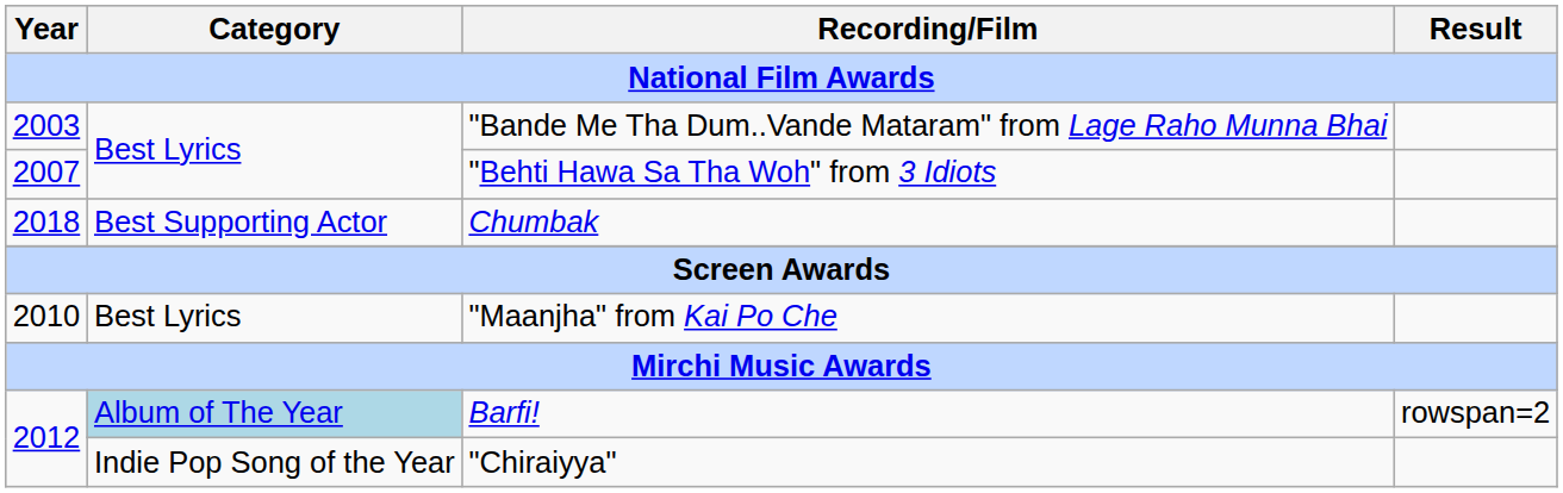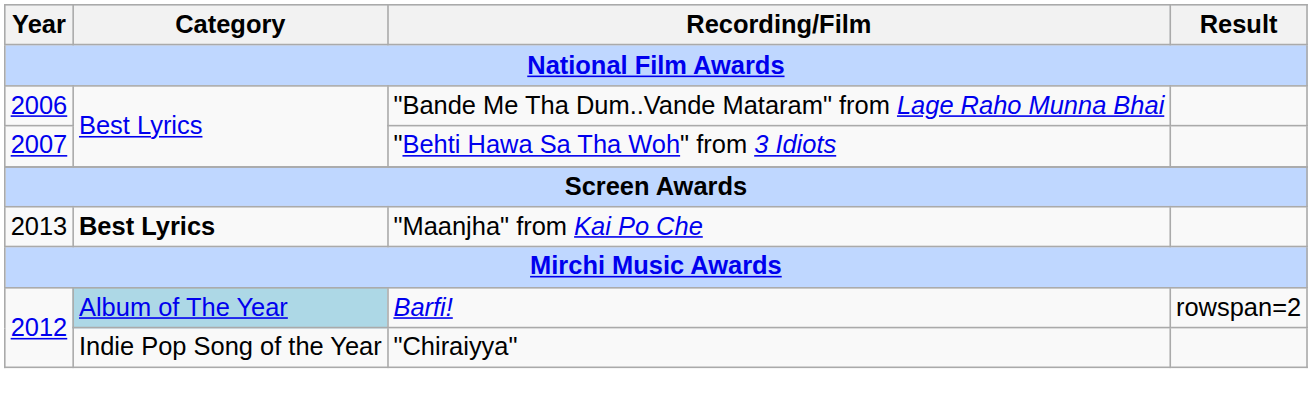 <table class="wikitable">
 <tr style="background:#ebf5ff;">
 <th>Year</th>
 <th>Category</th>
 <th>Recording/Film</th>
 <th>Result</th>
 </tr>
 <tr style="background:#bfd7ff;">
 <td colspan="4" style="text-align:center;"><strong><a href='#'>National Film Awards</a></strong></td>
 </tr>
 <tr>
-<td><a href='#'>2003</a></td>
+<td><a href='#'>2006</a></td>
 <td rowspan="2"><a href='#'>Best Lyrics</a></td>
 <td>"Bande Me Tha Dum..Vande Mataram" from <em><a href='#'>Lage Raho Munna Bhai</a></em></td>
 <td></td>
 </tr>
 <tr>
 <td><a href='#'>2007</a></td>
 <td>"<a href='#'>Behti Hawa Sa Tha Woh</a>" from <em><a href='#'>3 Idiots</a></em></td>
 <td></td>
 </tr>
 <tr>
-<td><a href='#'>2018</a></td>
-<td><a href='#'>Best Supporting Actor</a></td>
-<td><em><a href='#'>Chumbak</a></em></td>
-<td></td>
-</tr>
-<tr>
 </tr>
 <tr style="background:#bfd7ff;">
 <td colspan="4" style="text-align:center;"><strong>Screen Awards</strong></td>
 </tr>
 <tr>
-<td>2010</td>
-<td>Best Lyrics</td>
+<td>2013</td>
+<td><strong>Best Lyrics</strong></td>
 <td>"Maanjha" from <em><a href='#'>Kai Po Che</a></em></td>
 <td></td>
 </tr>
 <tr style="background:#bfd7ff;">
 <td colspan="4" style="text-align:center;"><strong><a href='#'>Mirchi Music Awards</a></strong></td>
 </tr>
 <tr>
 <td rowspan=2><a href='#'>2012</a></td>
 <td style="background: lightblue;"><a href='#'>Album of The Year</a></td>
 <td><em><a href='#'>Barfi!</a></em></td>
 <td>rowspan=2 </td>
 </tr>
 <tr>
 <td>Indie Pop Song of the Year</td>
 <td>"Chiraiyya"</td>
 </tr>
 </table>
